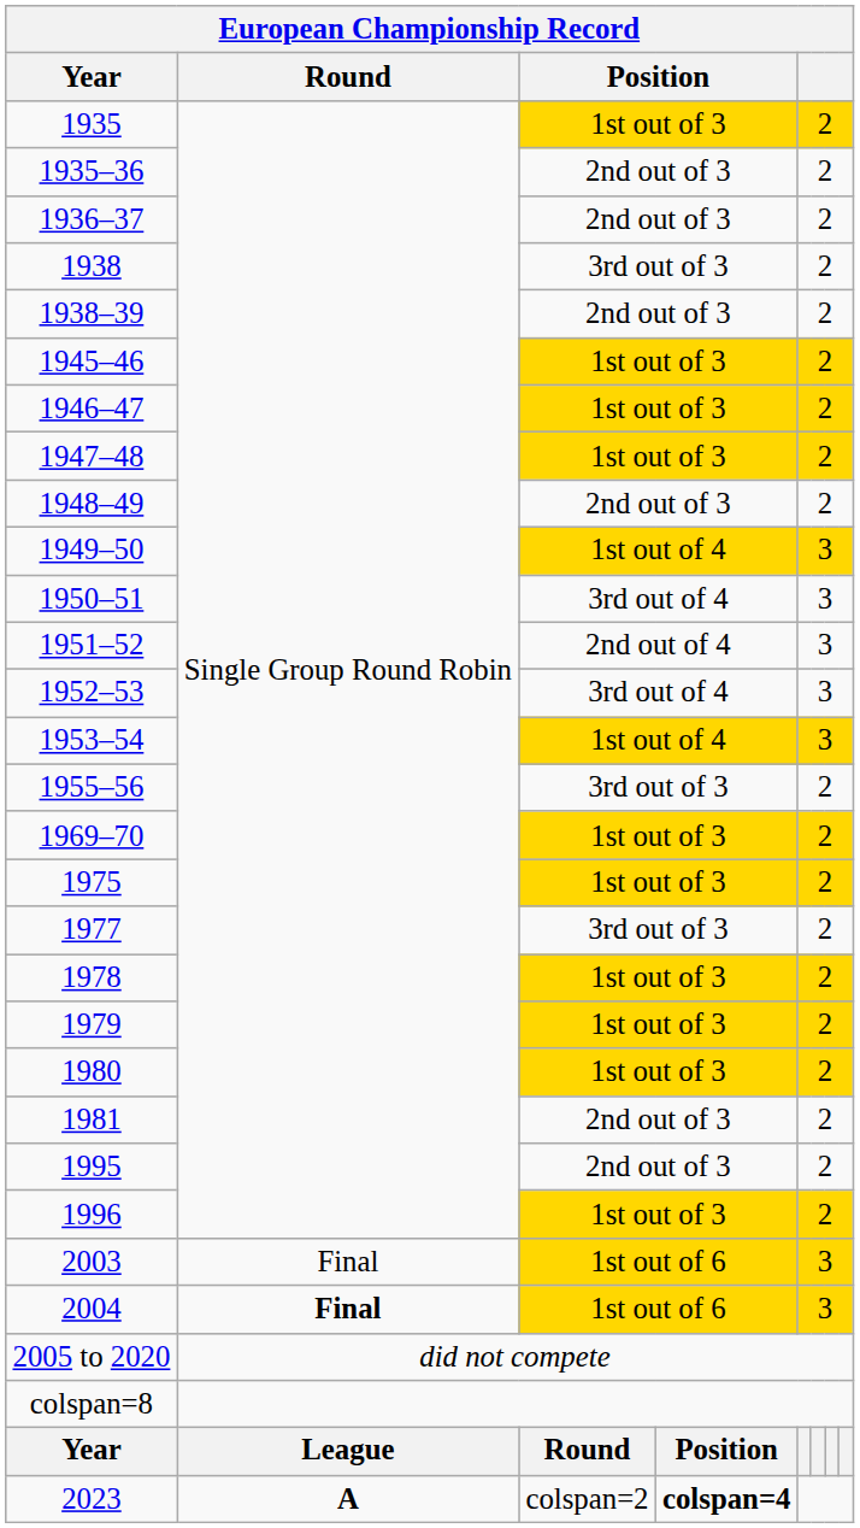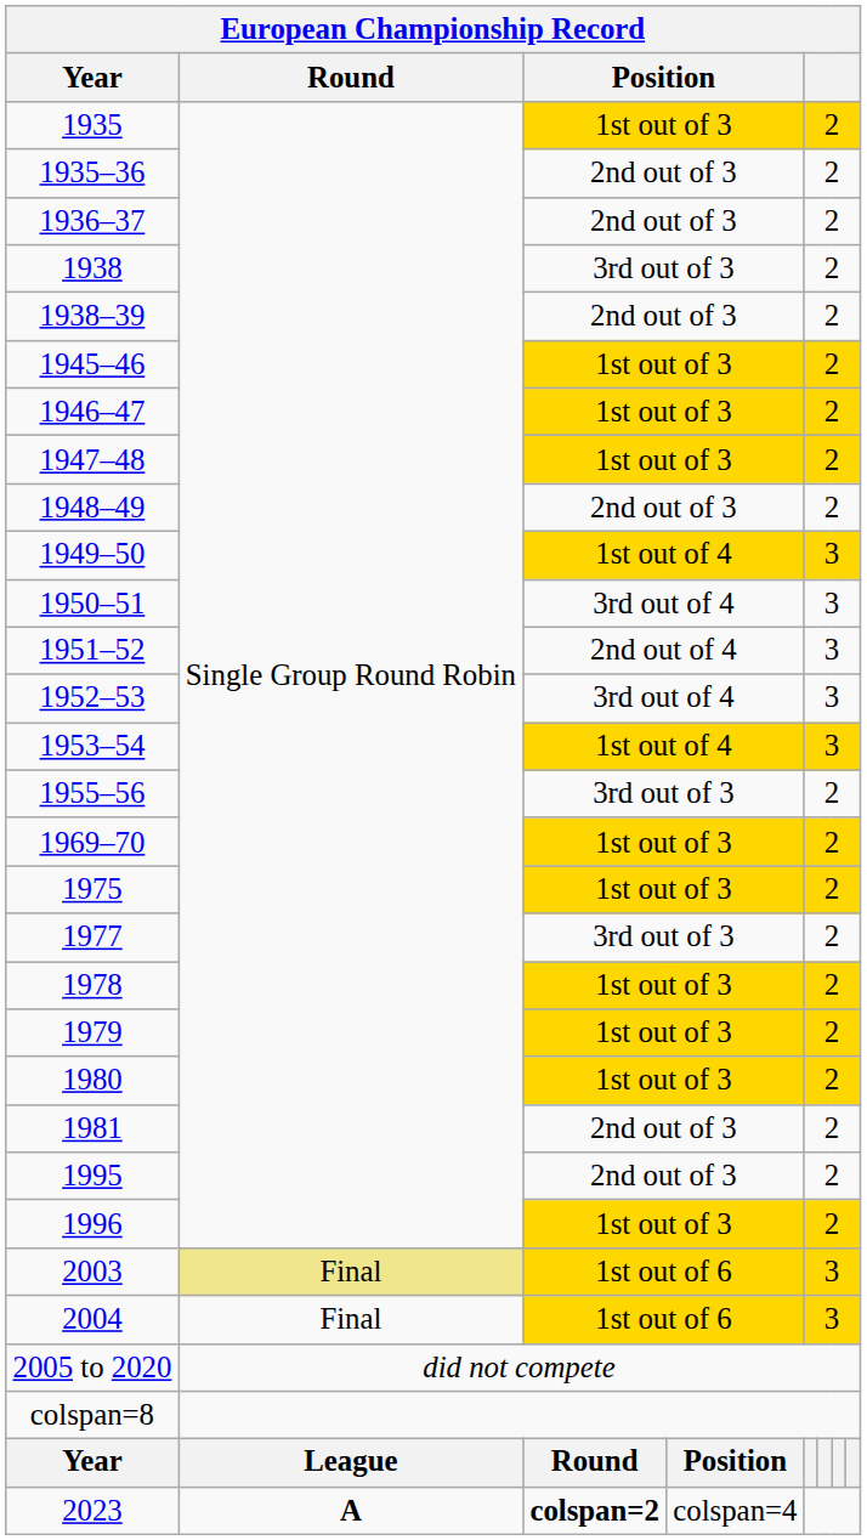 <table class="wikitable" style="text-align: center;">
 <tr>
 <th colspan="8"><a href='#'>European Championship Record</a></th>
 </tr>
 <tr>
 <th>Year</th>
 <th>Round</th>
 <th colspan=2>Position</th>
 <th colspan=4></th>
 </tr>
 <tr>
 <td><a href='#'>1935</a></td>
 <td rowspan=24>Single Group Round Robin</td>
 <td style="background:gold" colspan=2>1st out of 3</td>
 <td style="background:gold" colspan=4>2</td>
 </tr>
 <tr>
 <td><a href='#'>1935–36</a></td>
 <td colspan=2>2nd out of 3</td>
 <td colspan=4>2</td>
 </tr>
 <tr>
 <td><a href='#'>1936–37</a></td>
 <td colspan=2>2nd out of 3</td>
 <td colspan=4>2</td>
 </tr>
 <tr>
 <td><a href='#'>1938</a></td>
 <td colspan=2>3rd out of 3</td>
 <td colspan=4>2</td>
 </tr>
 <tr>
 <td><a href='#'>1938–39</a></td>
 <td colspan=2>2nd out of 3</td>
 <td colspan=4>2</td>
 </tr>
 <tr>
 <td><a href='#'>1945–46</a></td>
 <td style="background:gold" colspan=2>1st out of 3</td>
 <td style="background:gold" colspan=4>2</td>
 </tr>
 <tr>
 <td><a href='#'>1946–47</a></td>
 <td style="background:gold" colspan=2>1st out of 3</td>
 <td style="background:gold" colspan=4>2</td>
 </tr>
 <tr>
 <td><a href='#'>1947–48</a></td>
 <td style="background:gold" colspan=2>1st out of 3</td>
 <td style="background:gold" colspan=4>2</td>
 </tr>
 <tr>
 <td><a href='#'>1948–49</a></td>
 <td colspan=2>2nd out of 3</td>
 <td colspan=4>2</td>
 </tr>
 <tr>
 <td><a href='#'>1949–50</a></td>
 <td style="background:gold" colspan=2>1st out of 4</td>
 <td style="background:gold" colspan=4>3</td>
 </tr>
 <tr>
 <td><a href='#'>1950–51</a></td>
 <td colspan=2>3rd out of 4</td>
 <td colspan=4>3</td>
 </tr>
 <tr>
 <td><a href='#'>1951–52</a></td>
 <td colspan=2>2nd out of 4</td>
 <td colspan=4>3</td>
 </tr>
 <tr>
 <td><a href='#'>1952–53</a></td>
 <td colspan=2>3rd out of 4</td>
 <td colspan=4>3</td>
 </tr>
 <tr>
 <td><a href='#'>1953–54</a></td>
 <td style="background:gold" colspan=2>1st out of 4</td>
 <td style="background:gold" colspan=4>3</td>
 </tr>
 <tr>
 <td><a href='#'>1955–56</a></td>
 <td colspan=2>3rd out of 3</td>
 <td colspan=4>2</td>
 </tr>
 <tr>
 <td><a href='#'>1969–70</a></td>
 <td style="background:gold" colspan=2>1st out of 3</td>
 <td style="background:gold" colspan=4>2</td>
 </tr>
 <tr>
 <td><a href='#'>1975</a></td>
 <td style="background:gold" colspan=2>1st out of 3</td>
 <td style="background:gold" colspan=4>2</td>
 </tr>
 <tr>
 <td><a href='#'>1977</a></td>
 <td colspan=2>3rd out of 3</td>
 <td colspan=4>2</td>
 </tr>
 <tr>
 <td><a href='#'>1978</a></td>
 <td style="background:gold" colspan=2>1st out of 3</td>
 <td style="background:gold" colspan=4>2</td>
 </tr>
 <tr>
 <td><a href='#'>1979</a></td>
 <td style="background:gold" colspan=2>1st out of 3</td>
 <td style="background:gold" colspan=4>2</td>
 </tr>
 <tr>
 <td><a href='#'>1980</a></td>
 <td style="background:gold" colspan=2>1st out of 3</td>
 <td style="background:gold" colspan=4>2</td>
 </tr>
 <tr>
 <td><a href='#'>1981</a></td>
 <td colspan=2>2nd out of 3</td>
 <td colspan=4>2</td>
 </tr>
 <tr>
 <td><a href='#'>1995</a></td>
 <td colspan=2>2nd out of 3</td>
 <td colspan=4>2</td>
 </tr>
 <tr>
 <td><a href='#'>1996</a></td>
 <td style="background:gold" colspan=2>1st out of 3</td>
 <td style="background:gold" colspan=4>2</td>
 </tr>
 <tr>
 <td><a href='#'>2003</a></td>
-<td>Final</td>
+<td style="background: khaki;">Final</td>
 <td style="background:gold" colspan=2>1st out of 6</td>
 <td style="background:gold" colspan=4>3</td>
 </tr>
 <tr>
 <td><a href='#'>2004</a></td>
-<td><strong>Final</strong></td>
+<td>Final</td>
 <td style="background:gold" colspan=2>1st out of 6</td>
 <td style="background:gold" colspan=4>3</td>
 </tr>
 <tr>
 <td><a href='#'>2005</a> to <a href='#'>2020</a></td>
 <td colspan="7"><em>did not compete</em></td>
 </tr>
 <tr>
 <td>colspan=8</td>
 </tr>
 <tr>
 <th>Year</th>
 <th>League</th>
 <th>Round</th>
 <th>Position</th>
 <th></th>
 <th></th>
 <th></th>
 <th></th>
 </tr>
 <tr>
 <td><a href='#'>2023</a></td>
 <td><strong>A</strong></td>
-<td>colspan=2</td>
-<td><strong>colspan=4</strong></td>
+<td><strong>colspan=2</strong></td>
+<td>colspan=4</td>
 </tr>
 </table>
